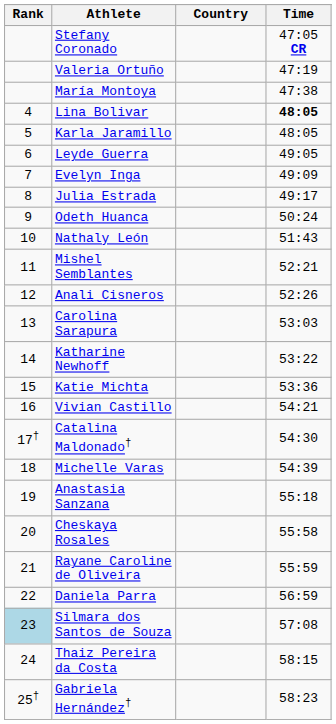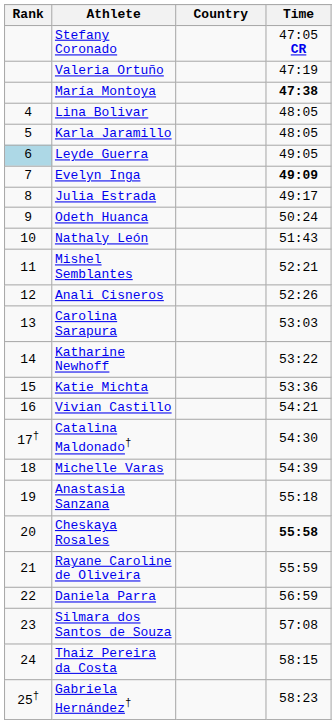 <table class="wikitable sortable" style=" text-align:center; font-size:95%;" width="50%">
 <tr>
 </tr>
 <tr>
 <th width=5%>Rank</th>
 <th width=20%>Athlete</th>
 <th width=15%>Country</th>
 <th width=10%>Time</th>
 </tr>
 <tr>
 <td align=center></td>
 <td align=left><a href='#'>Stefany Coronado</a></td>
 <td align=left></td>
 <td>47:05 <strong><a href='#'>CR</a></strong></td>
 </tr>
 <tr>
 <td align=center></td>
 <td align=left><a href='#'>Valeria Ortuño</a></td>
 <td align=left></td>
 <td>47:19</td>
 </tr>
 <tr>
 <td align=center></td>
 <td align=left><a href='#'>María Montoya</a></td>
 <td align=left></td>
-<td>47:38</td>
+<td><strong>47:38</strong></td>
 </tr>
 <tr>
 <td align=center>4</td>
 <td align=left><a href='#'>Lina Bolivar</a></td>
 <td align=left></td>
-<td><strong>48:05</strong></td>
+<td>48:05</td>
 </tr>
 <tr>
 <td align=center>5</td>
 <td align=left><a href='#'>Karla Jaramillo</a></td>
 <td align=left></td>
 <td>48:05</td>
 </tr>
 <tr>
-<td align=center>6</td>
+<td align=center style="background: lightblue;">6</td>
 <td align=left><a href='#'>Leyde Guerra</a></td>
 <td align=left></td>
 <td>49:05</td>
 </tr>
 <tr>
 <td align=center>7</td>
 <td align=left><a href='#'>Evelyn Inga</a></td>
 <td align=left></td>
-<td>49:09</td>
+<td><strong>49:09</strong></td>
 </tr>
 <tr>
 <td align=center>8</td>
 <td align=left><a href='#'>Julia Estrada</a></td>
 <td align=left></td>
 <td>49:17</td>
 </tr>
 <tr>
 <td align=center>9</td>
 <td align=left><a href='#'>Odeth Huanca</a></td>
 <td align=left></td>
 <td>50:24</td>
 </tr>
 <tr>
 <td align=center>10</td>
 <td align=left><a href='#'>Nathaly León</a></td>
 <td align=left></td>
 <td>51:43</td>
 </tr>
 <tr>
 <td align=center>11</td>
 <td align=left><a href='#'>Mishel Semblantes</a></td>
 <td align=left></td>
 <td>52:21</td>
 </tr>
 <tr>
 <td align=center>12</td>
 <td align=left><a href='#'>Anali Cisneros</a></td>
 <td align=left></td>
 <td>52:26</td>
 </tr>
 <tr>
 <td align=center>13</td>
 <td align=left><a href='#'>Carolina Sarapura</a></td>
 <td align=left></td>
 <td>53:03</td>
 </tr>
 <tr>
 <td align=center>14</td>
 <td align=left><a href='#'>Katharine Newhoff</a></td>
 <td align=left></td>
 <td>53:22</td>
 </tr>
 <tr>
 <td align=center>15</td>
 <td align=left><a href='#'>Katie Michta</a></td>
 <td align=left></td>
 <td>53:36</td>
 </tr>
 <tr>
 <td align=center>16</td>
 <td align=left><a href='#'>Vivian Castillo</a></td>
 <td align=left></td>
 <td>54:21</td>
 </tr>
 <tr>
 <td align=center>17<sup>†</sup></td>
 <td align=left><a href='#'>Catalina Maldonado</a><sup>†</sup></td>
 <td align=left></td>
 <td>54:30</td>
 </tr>
 <tr>
 <td align=center>18</td>
 <td align=left><a href='#'>Michelle Varas</a></td>
 <td align=left></td>
 <td>54:39</td>
 </tr>
 <tr>
 <td align=center>19</td>
 <td align=left><a href='#'>Anastasia Sanzana</a></td>
 <td align=left></td>
 <td>55:18</td>
 </tr>
 <tr>
 <td align=center>20</td>
 <td align=left><a href='#'>Cheskaya Rosales</a></td>
 <td align=left></td>
-<td>55:58</td>
+<td><strong>55:58</strong></td>
 </tr>
 <tr>
 <td align=center>21</td>
 <td align=left><a href='#'>Rayane Caroline de Oliveira</a></td>
 <td align=left></td>
 <td>55:59</td>
 </tr>
 <tr>
 <td align=center>22</td>
 <td align=left><a href='#'>Daniela Parra</a></td>
 <td align=left></td>
 <td>56:59</td>
 </tr>
 <tr>
-<td align=center style="background: lightblue;">23</td>
+<td align=center>23</td>
 <td align=left><a href='#'>Silmara dos Santos de Souza</a></td>
 <td align=left></td>
 <td>57:08</td>
 </tr>
 <tr>
 <td align=center>24</td>
 <td align=left><a href='#'>Thaiz Pereira da Costa</a></td>
 <td align=left></td>
 <td>58:15</td>
 </tr>
 <tr>
 <td align=center>25<sup>†</sup></td>
 <td align=left><a href='#'>Gabriela Hernández</a><sup>†</sup></td>
 <td align=left></td>
 <td>58:23</td>
 </tr>
 </table>
